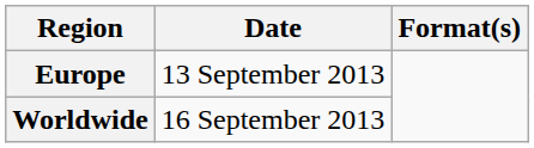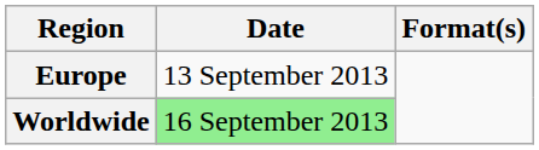 <table class="wikitable plainrowheaders">
 <tr>
 <th scope="col">Region</th>
 <th scope="col">Date</th>
 <th scope="col">Format(s)</th>
 </tr>
 <tr>
 <th scope="row">Europe</th>
 <td rowspan="1">13 September 2013</td>
 <td rowspan="2"></td>
 </tr>
 <tr>
 <th scope="row">Worldwide</th>
-<td rowspan="1">16 September 2013</td>
+<td rowspan="1" style="background: lightgreen;">16 September 2013</td>
 </tr>
 </table>
